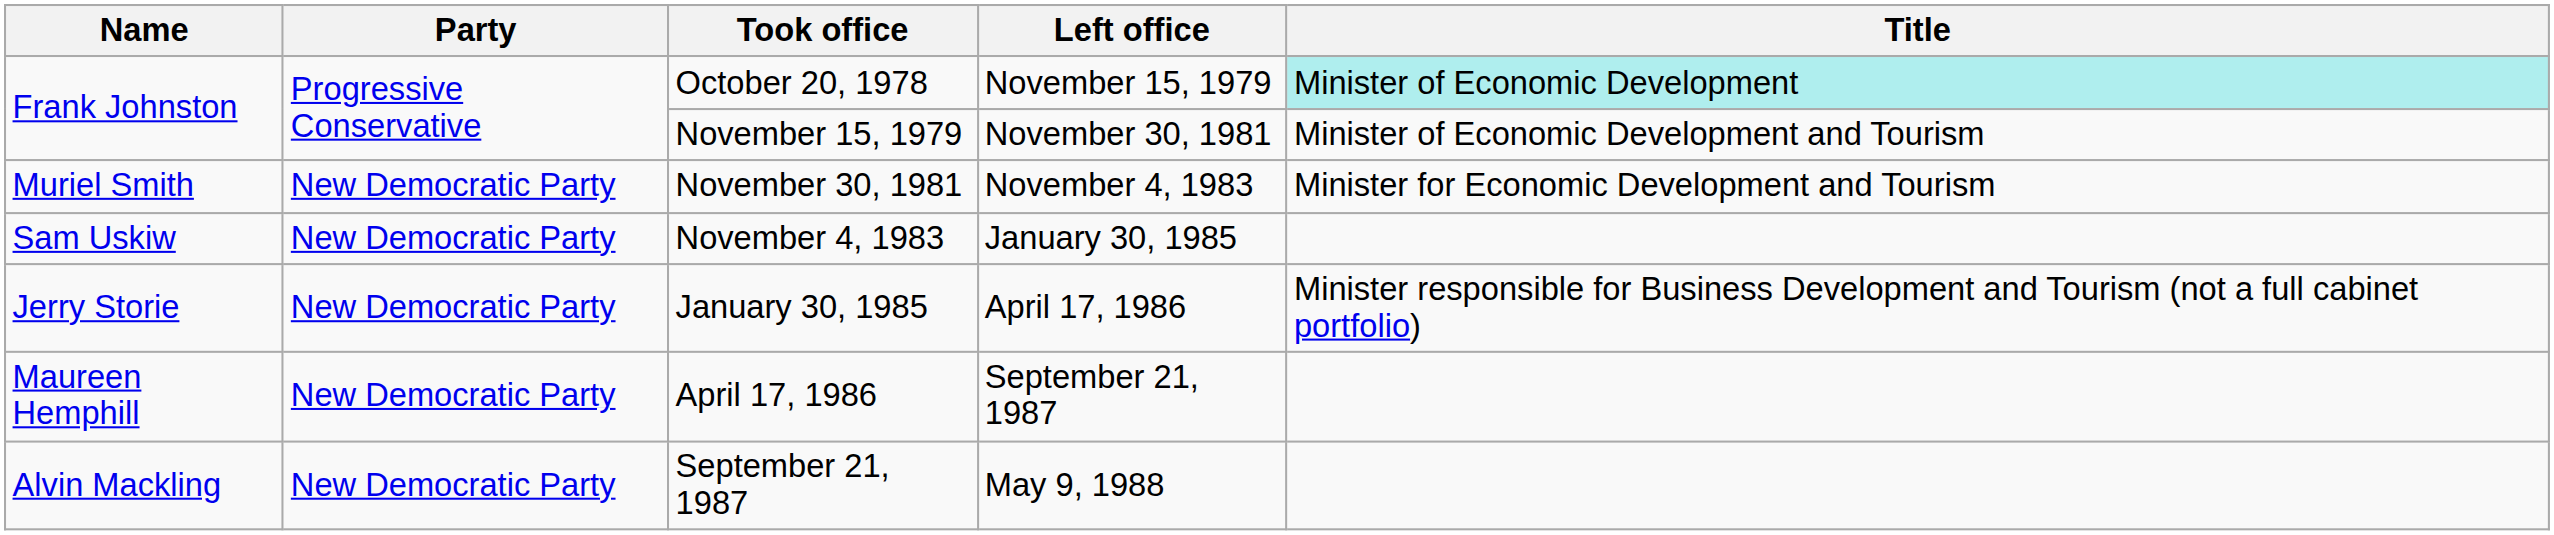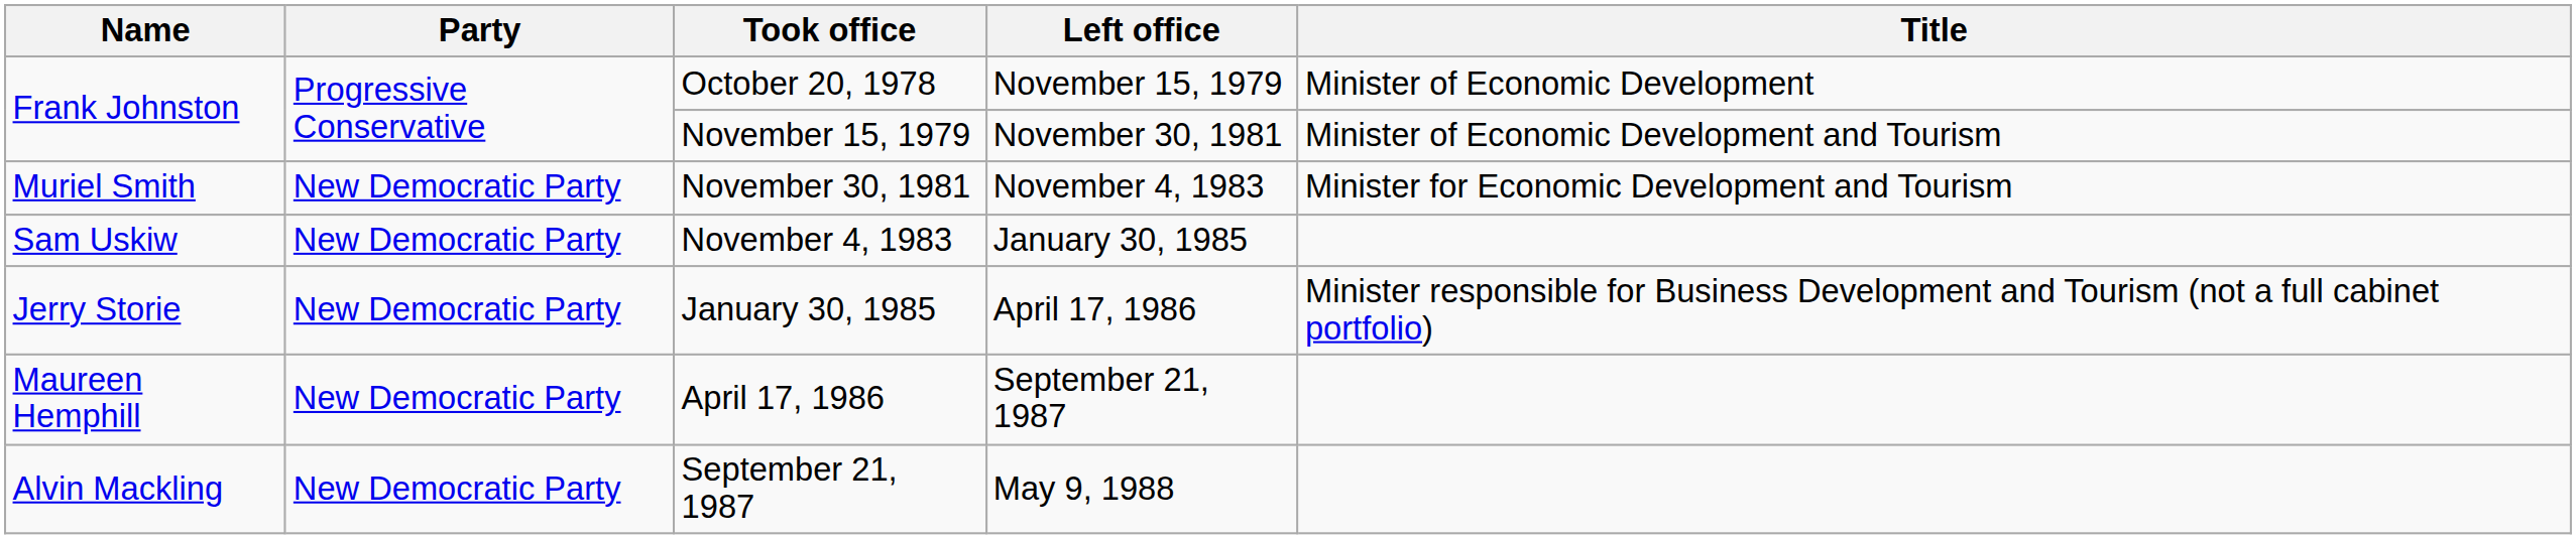 <table class="wikitable">
 <tr>
 <th><strong>Name</strong></th>
 <th><strong>Party</strong></th>
 <th><strong>Took office</strong></th>
 <th><strong>Left office</strong></th>
 <th>Title</th>
 </tr>
 <tr>
 <td rowspan="2"><a href='#'>Frank Johnston</a></td>
 <td rowspan="2"><a href='#'>Progressive Conservative</a></td>
 <td>October 20, 1978</td>
 <td>November 15, 1979</td>
-<td style="background: paleturquoise;">Minister of Economic Development</td>
+<td>Minister of Economic Development</td>
 </tr>
 <tr>
 <td>November 15, 1979</td>
 <td>November 30, 1981</td>
 <td>Minister of Economic Development and Tourism</td>
 </tr>
 <tr>
 <td><a href='#'>Muriel Smith</a></td>
 <td><a href='#'>New Democratic Party</a></td>
 <td>November 30, 1981</td>
 <td>November 4, 1983</td>
 <td>Minister for Economic Development and Tourism</td>
 </tr>
 <tr>
 <td><a href='#'>Sam Uskiw</a></td>
 <td><a href='#'>New Democratic Party</a></td>
 <td>November 4, 1983</td>
 <td>January 30, 1985</td>
 <td></td>
 </tr>
 <tr>
 <td><a href='#'>Jerry Storie</a></td>
 <td><a href='#'>New Democratic Party</a></td>
 <td>January 30, 1985</td>
 <td>April 17, 1986</td>
 <td>Minister responsible for Business Development and Tourism (not a full cabinet <a href='#'>portfolio</a>)</td>
 </tr>
 <tr>
 <td><a href='#'>Maureen Hemphill</a></td>
 <td><a href='#'>New Democratic Party</a></td>
 <td>April 17, 1986</td>
 <td>September 21, 1987</td>
 <td></td>
 </tr>
 <tr>
 <td><a href='#'>Alvin Mackling</a></td>
 <td><a href='#'>New Democratic Party</a></td>
 <td>September 21, 1987</td>
 <td>May 9, 1988</td>
 <td></td>
 </tr>
 </table>
